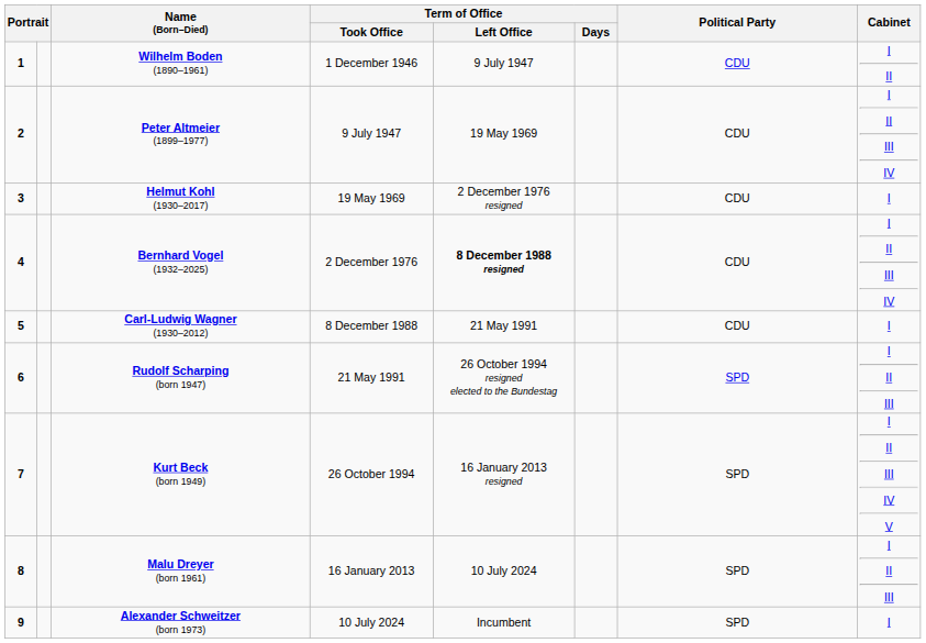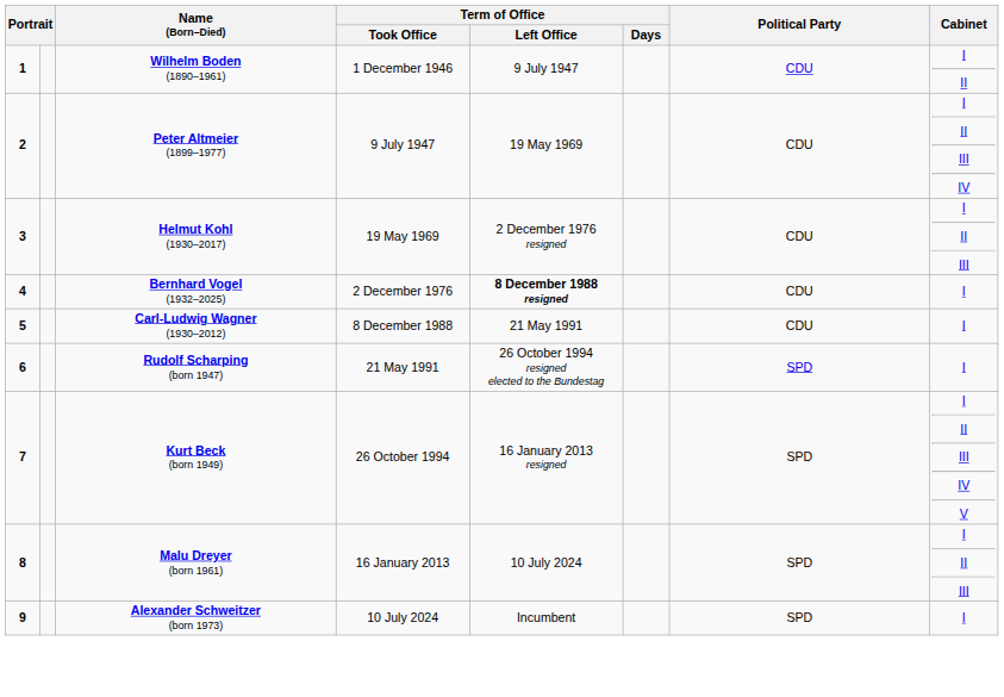 <table class="wikitable" style="text-align:center; width:100%; border:1px #AAAAFF solid">
 <tr>
 <th width=80px rowspan=2 colspan=2>Portrait</th>
 <th width=30% rowspan=2>Name<br><small>(Born–Died)</small></th>
 <th width=35% colspan=3>Term of Office</th>
 <th width=28% rowspan=2>Political Party</th>
 <th width=28% rowspan=2>Cabinet</th>
 </tr>
 <tr>
 <th>Took Office</th>
 <th>Left Office</th>
 <th>Days</th>
 </tr>
 <tr>
 <td style="background:"><strong>1</strong></td>
 <td></td>
 <td><strong><a href='#'>Wilhelm Boden</a></strong><br><small>(1890–1961)</small></td>
 <td>1 December 1946</td>
 <td>9 July 1947</td>
 <td></td>
 <td><a href='#'>CDU</a></td>
 <td><a href='#'>I</a><hr><a href='#'>II</a></td>
 </tr>
 <tr>
 <td style="background:"><strong>2</strong></td>
 <td></td>
 <td><strong><a href='#'>Peter Altmeier</a></strong><br><small>(1899–1977)</small></td>
 <td>9 July 1947</td>
 <td>19 May 1969</td>
 <td></td>
 <td>CDU</td>
 <td><a href='#'>I</a><hr><a href='#'>II</a><hr><a href='#'>III</a><hr><a href='#'>IV</a></td>
 </tr>
 <tr>
 <td style="background:"><strong>3</strong></td>
 <td></td>
 <td><strong><a href='#'>Helmut Kohl</a></strong><br><small>(1930–2017)</small></td>
 <td>19 May 1969</td>
 <td>2 December 1976<br><small><em>resigned</em></small></td>
 <td></td>
 <td>CDU</td>
-<td><a href='#'>I</a></td>
+<td><a href='#'>I</a><hr><a href='#'>II</a><hr><a href='#'>III</a></td>
 </tr>
 <tr>
 <td style="background:"><strong>4</strong></td>
 <td></td>
 <td><strong><a href='#'>Bernhard Vogel</a></strong><br><small>(1932–2025)</small></td>
 <td>2 December 1976</td>
 <td><strong>8 December 1988<br><small><em>resigned</em></small></strong></td>
 <td></td>
 <td>CDU</td>
-<td><a href='#'>I</a><hr><a href='#'>II</a><hr><a href='#'>III</a><hr><a href='#'>IV</a></td>
+<td><a href='#'>I</a></td>
 </tr>
 <tr>
 <td style="background:"><strong>5</strong></td>
 <td></td>
 <td><strong><a href='#'>Carl-Ludwig Wagner</a></strong><br><small>(1930–2012)</small></td>
 <td>8 December 1988</td>
 <td>21 May 1991</td>
 <td></td>
 <td>CDU</td>
 <td><a href='#'>I</a></td>
 </tr>
 <tr>
 <td style="background:"><strong>6</strong></td>
 <td></td>
 <td><strong><a href='#'>Rudolf Scharping</a></strong><br><small>(born 1947)</small></td>
 <td>21 May 1991</td>
 <td>26 October 1994<br><small><em>resigned<br>elected to the Bundestag</em></small></td>
 <td></td>
 <td><a href='#'>SPD</a></td>
-<td><a href='#'>I</a><hr><a href='#'>II</a><hr><a href='#'>III</a></td>
+<td><a href='#'>I</a></td>
 </tr>
 <tr>
 <td style="background:"><strong>7</strong></td>
 <td></td>
 <td><strong><a href='#'>Kurt Beck</a></strong><br><small>(born 1949)</small></td>
 <td>26 October 1994</td>
 <td>16 January 2013<br><small><em>resigned</em></small></td>
 <td></td>
 <td>SPD</td>
 <td><a href='#'>I</a><hr><a href='#'>II</a><hr><a href='#'>III</a><hr><a href='#'>IV</a><hr><a href='#'>V</a></td>
 </tr>
 <tr>
 <td style="background:"><strong>8</strong></td>
 <td></td>
 <td><strong><a href='#'>Malu Dreyer</a></strong><br><small>(born 1961)</small></td>
 <td>16 January 2013</td>
 <td>10 July 2024</td>
 <td></td>
 <td>SPD</td>
 <td><a href='#'>I</a><hr><a href='#'>II</a><hr><a href='#'>III</a></td>
 </tr>
 <tr>
 <td style="background:"><strong>9</strong></td>
 <td></td>
 <td><strong><a href='#'>Alexander Schweitzer</a></strong><br><small>(born 1973)</small></td>
 <td>10 July 2024</td>
 <td>Incumbent</td>
 <td></td>
 <td>SPD</td>
 <td><a href='#'>I</a></td>
 </tr>
 </table>
